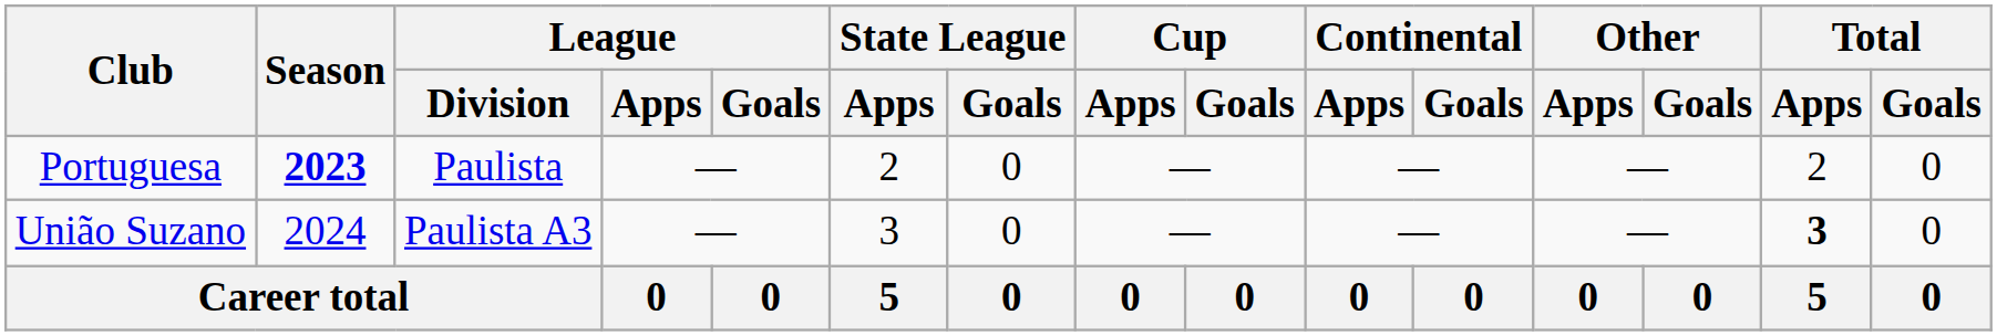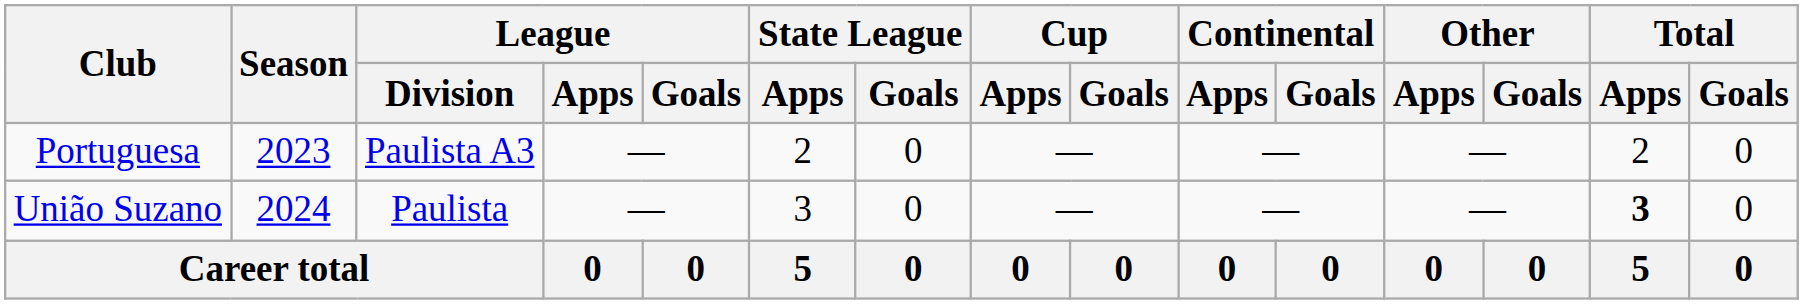 <table class="wikitable" style="text-align: center;">
 <tr>
 <th rowspan="2">Club</th>
 <th rowspan="2">Season</th>
 <th colspan="3">League</th>
 <th colspan="2">State League</th>
 <th colspan="2">Cup</th>
 <th colspan="2">Continental</th>
 <th colspan="2">Other</th>
 <th colspan="2">Total</th>
 </tr>
 <tr>
 <th>Division</th>
 <th>Apps</th>
 <th>Goals</th>
 <th>Apps</th>
 <th>Goals</th>
 <th>Apps</th>
 <th>Goals</th>
 <th>Apps</th>
 <th>Goals</th>
 <th>Apps</th>
 <th>Goals</th>
 <th>Apps</th>
 <th>Goals</th>
 </tr>
 <tr>
 <td valign="center"><a href='#'>Portuguesa</a></td>
-<td><strong><a href='#'>2023</a></strong></td>
-<td><a href='#'>Paulista</a></td>
+<td><a href='#'>2023</a></td>
+<td><a href='#'>Paulista A3</a></td>
 <td colspan="2">—</td>
 <td>2</td>
 <td>0</td>
 <td colspan="2">—</td>
 <td colspan="2">—</td>
 <td colspan="2">—</td>
 <td>2</td>
 <td>0</td>
 </tr>
 <tr>
 <td><a href='#'>União Suzano</a></td>
 <td><a href='#'>2024</a></td>
-<td><a href='#'>Paulista A3</a></td>
+<td><a href='#'>Paulista</a></td>
 <td colspan="2">—</td>
 <td>3</td>
 <td>0</td>
 <td colspan="2">—</td>
 <td colspan="2">—</td>
 <td colspan="2">—</td>
 <td><strong>3</strong></td>
 <td>0</td>
 </tr>
 <tr>
 <th colspan="3"><strong>Career total</strong></th>
 <th>0</th>
 <th>0</th>
 <th>5</th>
 <th>0</th>
 <th>0</th>
 <th>0</th>
 <th>0</th>
 <th>0</th>
 <th>0</th>
 <th>0</th>
 <th>5</th>
 <th>0</th>
 </tr>
 </table>
